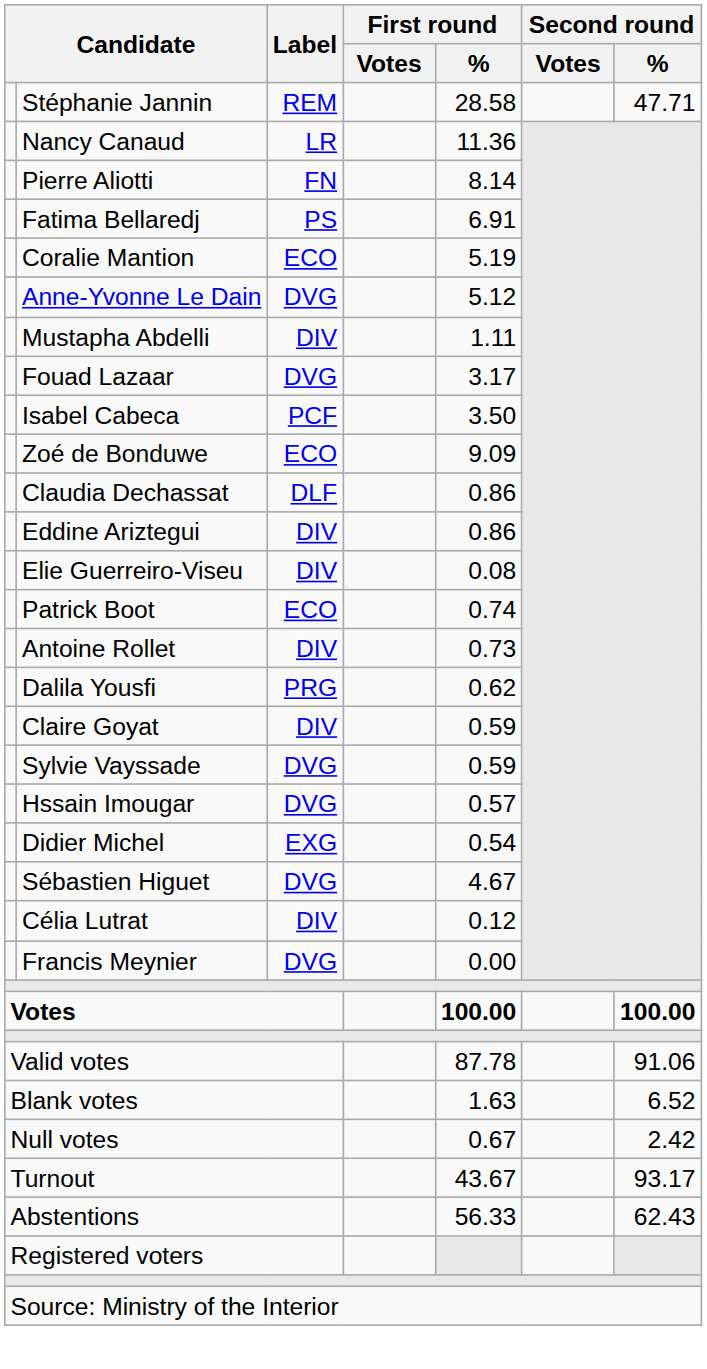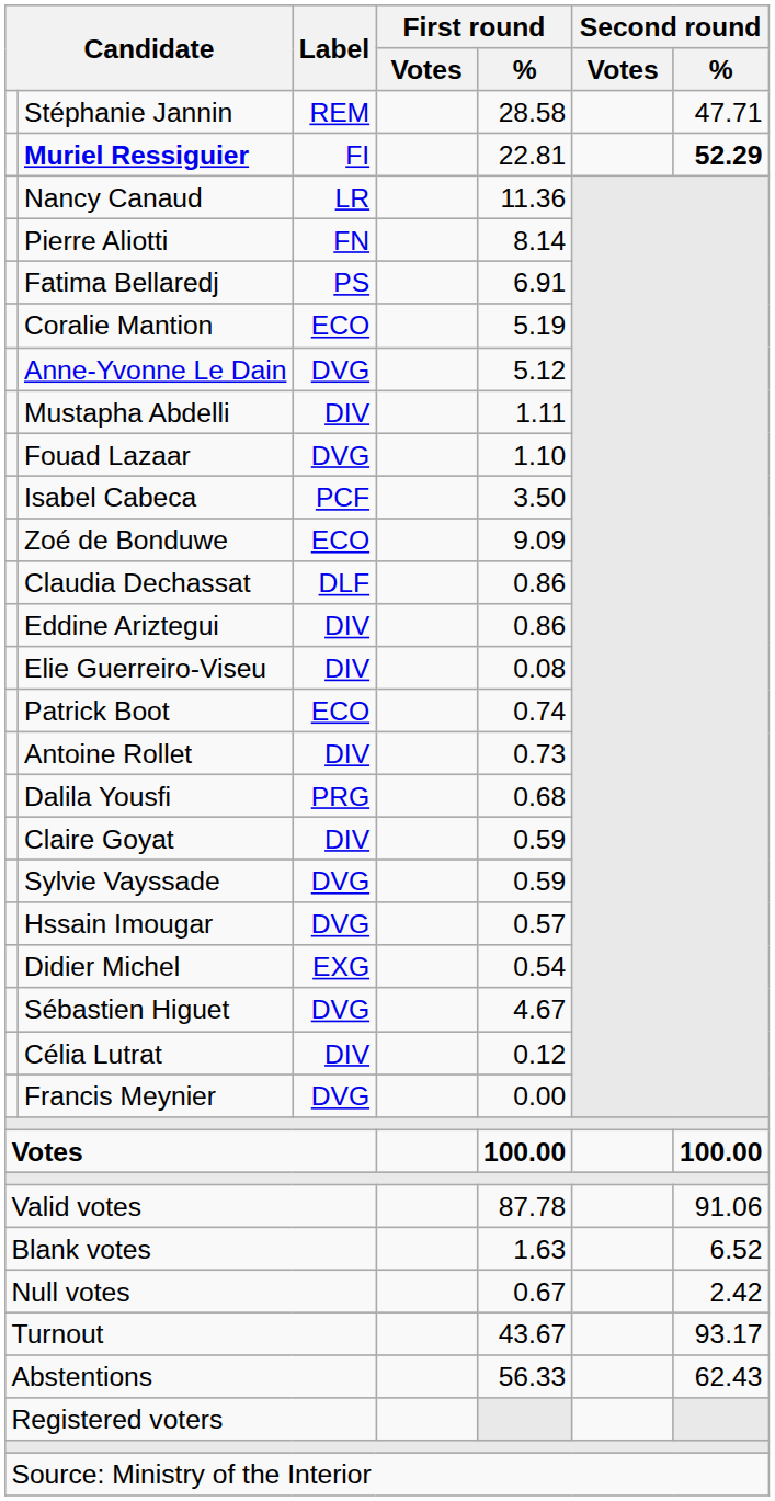 <table class="wikitable" style="text-align:right;font-size:95%;">
 <tr>
 <th rowspan="2" colspan="2">Candidate</th>
 <th rowspan="2">Label</th>
 <th colspan="2">First round</th>
 <th colspan="2">Second round</th>
 </tr>
 <tr>
 <th style="width:50px;">Votes</th>
 <th style="width:45px;">%</th>
 <th style="width:50px;">Votes</th>
 <th style="width:45px;">%</th>
 </tr>
 <tr>
 <td style="color:inherit;background:"></td>
 <td style="text-align:left;">Stéphanie Jannin</td>
 <td><a href='#'>REM</a></td>
 <td></td>
 <td>28.58</td>
 <td></td>
 <td>47.71</td>
+</tr>
+<tr>
+<td style="color:inherit;background:"></td>
+<td style="text-align:left;"><strong><a href='#'>Muriel Ressiguier</a></strong></td>
+<td><a href='#'>FI</a></td>
+<td></td>
+<td>22.81</td>
+<td><strong></strong></td>
+<td><strong>52.29</strong></td>
 </tr>
 <tr>
 <td style="color:inherit;background:"></td>
 <td style="text-align:left;">Nancy Canaud</td>
 <td><a href='#'>LR</a></td>
 <td></td>
 <td>11.36</td>
 <td colspan="2" rowspan="22" style="background:#E9E9E9;"></td>
 </tr>
 <tr>
 <td style="color:inherit;background:"></td>
 <td style="text-align:left;">Pierre Aliotti</td>
 <td><a href='#'>FN</a></td>
 <td></td>
 <td>8.14</td>
 </tr>
 <tr>
 <td style="color:inherit;background:"></td>
 <td style="text-align:left;">Fatima Bellaredj</td>
 <td><a href='#'>PS</a></td>
 <td></td>
 <td>6.91</td>
 </tr>
 <tr>
 <td style="color:inherit;background:"></td>
 <td style="text-align:left;">Coralie Mantion</td>
 <td><a href='#'>ECO</a></td>
 <td></td>
 <td>5.19</td>
 </tr>
 <tr>
 <td style="color:inherit;background:"></td>
 <td style="text-align:left;"><a href='#'>Anne-Yvonne Le Dain</a></td>
 <td><a href='#'>DVG</a></td>
 <td></td>
 <td>5.12</td>
 </tr>
 <tr>
 <td style="color:inherit;background:"></td>
 <td style="text-align:left;">Mustapha Abdelli</td>
 <td><a href='#'>DIV</a></td>
 <td></td>
 <td>1.11</td>
 </tr>
 <tr>
 <td style="color:inherit;background:"></td>
 <td style="text-align:left;">Fouad Lazaar</td>
 <td><a href='#'>DVG</a></td>
 <td></td>
-<td>3.17</td>
+<td>1.10</td>
 </tr>
 <tr>
 <td style="color:inherit;background:"></td>
 <td style="text-align:left;">Isabel Cabeca</td>
 <td><a href='#'>PCF</a></td>
 <td></td>
 <td>3.50</td>
 </tr>
 <tr>
 <td style="color:inherit;background:"></td>
 <td style="text-align:left;">Zoé de Bonduwe</td>
 <td><a href='#'>ECO</a></td>
 <td></td>
 <td>9.09</td>
 </tr>
 <tr>
 <td style="color:inherit;background:"></td>
 <td style="text-align:left;">Claudia Dechassat</td>
 <td><a href='#'>DLF</a></td>
 <td></td>
 <td>0.86</td>
 </tr>
 <tr>
 <td style="color:inherit;background:"></td>
 <td style="text-align:left;">Eddine Ariztegui</td>
 <td><a href='#'>DIV</a></td>
 <td></td>
 <td>0.86</td>
 </tr>
 <tr>
 <td style="color:inherit;background:"></td>
 <td style="text-align:left;">Elie Guerreiro-Viseu</td>
 <td><a href='#'>DIV</a></td>
 <td></td>
 <td>0.08</td>
 </tr>
 <tr>
 <td style="color:inherit;background:"></td>
 <td style="text-align:left;">Patrick Boot</td>
 <td><a href='#'>ECO</a></td>
 <td></td>
 <td>0.74</td>
 </tr>
 <tr>
 <td style="color:inherit;background:"></td>
 <td style="text-align:left;">Antoine Rollet</td>
 <td><a href='#'>DIV</a></td>
 <td></td>
 <td>0.73</td>
 </tr>
 <tr>
 <td style="color:inherit;background:"></td>
 <td style="text-align:left;">Dalila Yousfi</td>
 <td><a href='#'>PRG</a></td>
 <td></td>
-<td>0.62</td>
+<td>0.68</td>
 </tr>
 <tr>
 <td style="color:inherit;background:"></td>
 <td style="text-align:left;">Claire Goyat</td>
 <td><a href='#'>DIV</a></td>
 <td></td>
 <td>0.59</td>
 </tr>
 <tr>
 <td style="color:inherit;background:"></td>
 <td style="text-align:left;">Sylvie Vayssade</td>
 <td><a href='#'>DVG</a></td>
 <td></td>
 <td>0.59</td>
 </tr>
 <tr>
 <td style="color:inherit;background:"></td>
 <td style="text-align:left;">Hssain Imougar</td>
 <td><a href='#'>DVG</a></td>
 <td></td>
 <td>0.57</td>
 </tr>
 <tr>
 <td style="color:inherit;background:"></td>
 <td style="text-align:left;">Didier Michel</td>
 <td><a href='#'>EXG</a></td>
 <td></td>
 <td>0.54</td>
 </tr>
 <tr>
 <td style="color:inherit;background:"></td>
 <td style="text-align:left;">Sébastien Higuet</td>
 <td><a href='#'>DVG</a></td>
 <td></td>
 <td>4.67</td>
 </tr>
 <tr>
 <td style="color:inherit;background:"></td>
 <td style="text-align:left;">Célia Lutrat</td>
 <td><a href='#'>DIV</a></td>
 <td></td>
 <td>0.12</td>
 </tr>
 <tr>
 <td style="color:inherit;background:"></td>
 <td style="text-align:left;">Francis Meynier</td>
 <td><a href='#'>DVG</a></td>
 <td></td>
 <td>0.00</td>
 </tr>
 <tr>
 <td colspan="7" style="background:#E9E9E9;"></td>
 </tr>
 <tr style="font-weight:bold;">
 <td colspan="3" style="text-align:left;">Votes</td>
 <td></td>
 <td>100.00</td>
 <td></td>
 <td>100.00</td>
 </tr>
 <tr>
 <td colspan="7" style="background:#E9E9E9;"></td>
 </tr>
 <tr>
 <td colspan="3" style="text-align:left;">Valid votes</td>
 <td></td>
 <td>87.78</td>
 <td></td>
 <td>91.06</td>
 </tr>
 <tr>
 <td colspan="3" style="text-align:left;">Blank votes</td>
 <td></td>
 <td>1.63</td>
 <td></td>
 <td>6.52</td>
 </tr>
 <tr>
 <td colspan="3" style="text-align:left;">Null votes</td>
 <td></td>
 <td>0.67</td>
 <td></td>
 <td>2.42</td>
 </tr>
 <tr>
 <td colspan="3" style="text-align:left;">Turnout</td>
 <td></td>
 <td>43.67</td>
 <td></td>
 <td>93.17</td>
 </tr>
 <tr>
 <td colspan="3" style="text-align:left;">Abstentions</td>
 <td></td>
 <td>56.33</td>
 <td></td>
 <td>62.43</td>
 </tr>
 <tr>
 <td colspan="3" style="text-align:left;">Registered voters</td>
 <td></td>
 <td style="color:inherit;background:#E9E9E9;"></td>
 <td></td>
 <td style="color:inherit;background:#E9E9E9;"></td>
 </tr>
 <tr>
 <td colspan="7" style="background:#E9E9E9;"></td>
 </tr>
 <tr>
 <td colspan="7" style="text-align:left;">Source: Ministry of the Interior</td>
 </tr>
 </table>
